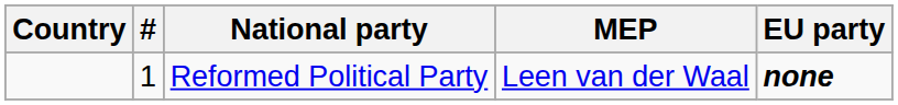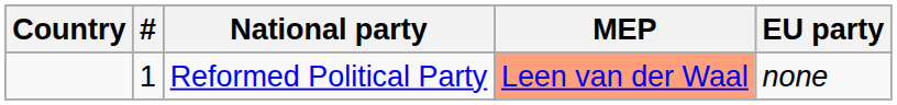 <table class="wikitable sortable mw-collapsible mw-collapsed" style="font-size:90%">
 <tr>
 <th>Country</th>
 <th colspan=2>#</th>
 <th>National party</th>
 <th>MEP</th>
 <th>EU party</th>
 </tr>
 <tr>
 <td></td>
 <td colspan=2>1</td>
 <td><a href='#'>Reformed Political Party</a></td>
-<td><a href='#'>Leen van der Waal</a></td>
-<td><strong><em>none</em></strong></td>
+<td style="background: lightsalmon;"><a href='#'>Leen van der Waal</a></td>
+<td><em>none</em></td>
 </tr>
 </table>
